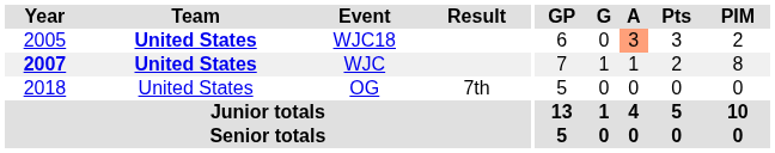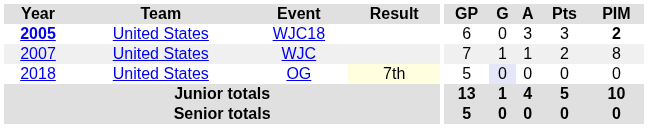 <table border="0" cellpadding="1" cellspacing="0" ID="Table3" style="text-align:center; width:40em">
 <tr ALIGN="center" bgcolor="#e0e0e0">
 <th>Year</th>
 <th>Team</th>
 <th>Event</th>
 <th>Result</th>
 <th rowspan="99" bgcolor="#ffffff"></th>
 <th>GP</th>
 <th>G</th>
 <th>A</th>
 <th>Pts</th>
 <th>PIM</th>
 </tr>
 <tr>
-<td><a href='#'>2005</a></td>
-<td><strong><a href='#'>United States</a></strong></td>
+<td><strong><a href='#'>2005</a></strong></td>
+<td><a href='#'>United States</a></td>
 <td><a href='#'>WJC18</a></td>
 <td></td>
 <td>6</td>
 <td>0</td>
-<td style="background: lightsalmon;">3</td>
 <td>3</td>
-<td>2</td>
+<td>3</td>
+<td><strong>2</strong></td>
 </tr>
 <tr bgcolor="#f0f0f0">
-<td><strong><a href='#'>2007</a></strong></td>
-<td><strong><a href='#'>United States</a></strong></td>
+<td><a href='#'>2007</a></td>
+<td><a href='#'>United States</a></td>
 <td><a href='#'>WJC</a></td>
 <td></td>
 <td>7</td>
 <td>1</td>
 <td>1</td>
 <td>2</td>
 <td>8</td>
 </tr>
 <tr>
 <td><a href='#'>2018</a></td>
 <td><a href='#'>United States</a></td>
 <td><a href='#'>OG</a></td>
-<td>7th</td>
+<td style="background: lightyellow;">7th</td>
 <td>5</td>
-<td>0</td>
+<td style="background: lavender;">0</td>
 <td>0</td>
 <td>0</td>
 <td>0</td>
 </tr>
 <tr bgcolor="#e0e0e0">
 <th colspan="4">Junior totals</th>
 <th>13</th>
 <th>1</th>
 <th>4</th>
 <th>5</th>
 <th>10</th>
 </tr>
 <tr bgcolor="#e0e0e0">
 <th colspan="4">Senior totals</th>
 <th>5</th>
 <th>0</th>
 <th>0</th>
 <th>0</th>
 <th>0</th>
 </tr>
 </table>
